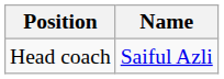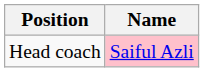 <table class="wikitable">
 <tr>
 <th>Position</th>
 <th>Name</th>
 </tr>
 <tr>
 <td>Head coach</td>
-<td><a href='#'>Saiful Azli</a></td>
+<td style="background: pink;"><a href='#'>Saiful Azli</a></td>
 </tr>
 </table>
